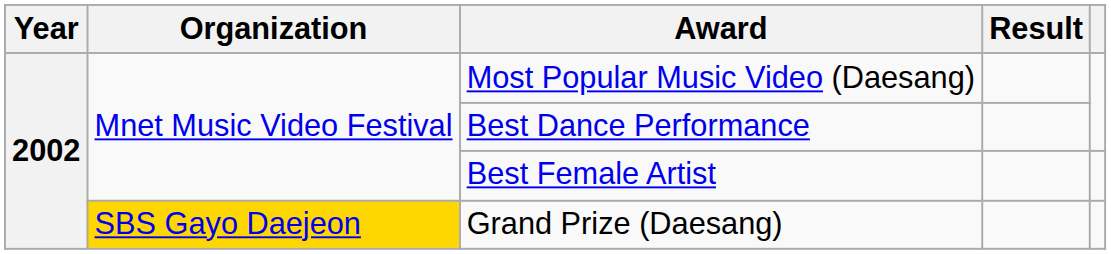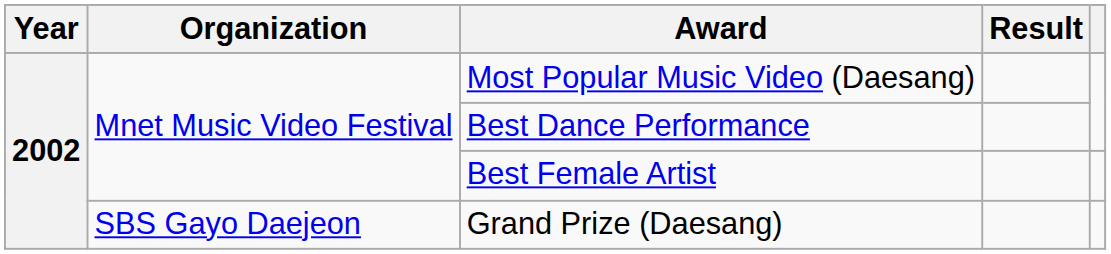 <table class="wikitable plainrowheaders">
 <tr>
 <th scope="col">Year</th>
 <th scope="col">Organization</th>
 <th scope="col">Award</th>
 <th scope="col">Result</th>
 <th></th>
 </tr>
 <tr>
 <th scope="row" rowspan="4">2002</th>
 <td rowspan="3"><a href='#'>Mnet Music Video Festival</a></td>
 <td><a href='#'>Most Popular Music Video</a> (Daesang)</td>
 <td></td>
 <td align="center" rowspan="2"></td>
 </tr>
 <tr>
 <td><a href='#'>Best Dance Performance</a></td>
 <td></td>
 </tr>
 <tr>
 <td><a href='#'>Best Female Artist</a></td>
 <td></td>
 <td align="center"></td>
 </tr>
 <tr>
-<td style="background: gold;"><a href='#'>SBS Gayo Daejeon</a></td>
+<td><a href='#'>SBS Gayo Daejeon</a></td>
 <td>Grand Prize (Daesang)</td>
 <td></td>
 <td align="center"></td>
 </tr>
 </table>
